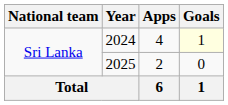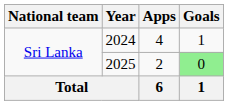 <table class="wikitable" style="text-align:center">
 <tr>
 <th>National team</th>
 <th>Year</th>
 <th>Apps</th>
 <th>Goals</th>
 </tr>
 <tr>
 <td rowspan="2"><a href='#'>Sri Lanka</a></td>
 <td>2024</td>
 <td>4</td>
-<td style="background: lightyellow;">1</td>
+<td>1</td>
 </tr>
 <tr>
 <td>2025</td>
 <td>2</td>
-<td>0</td>
+<td style="background: lightgreen;">0</td>
 </tr>
 <tr>
 <th colspan="2">Total</th>
 <th>6</th>
 <th>1</th>
 </tr>
 </table>
